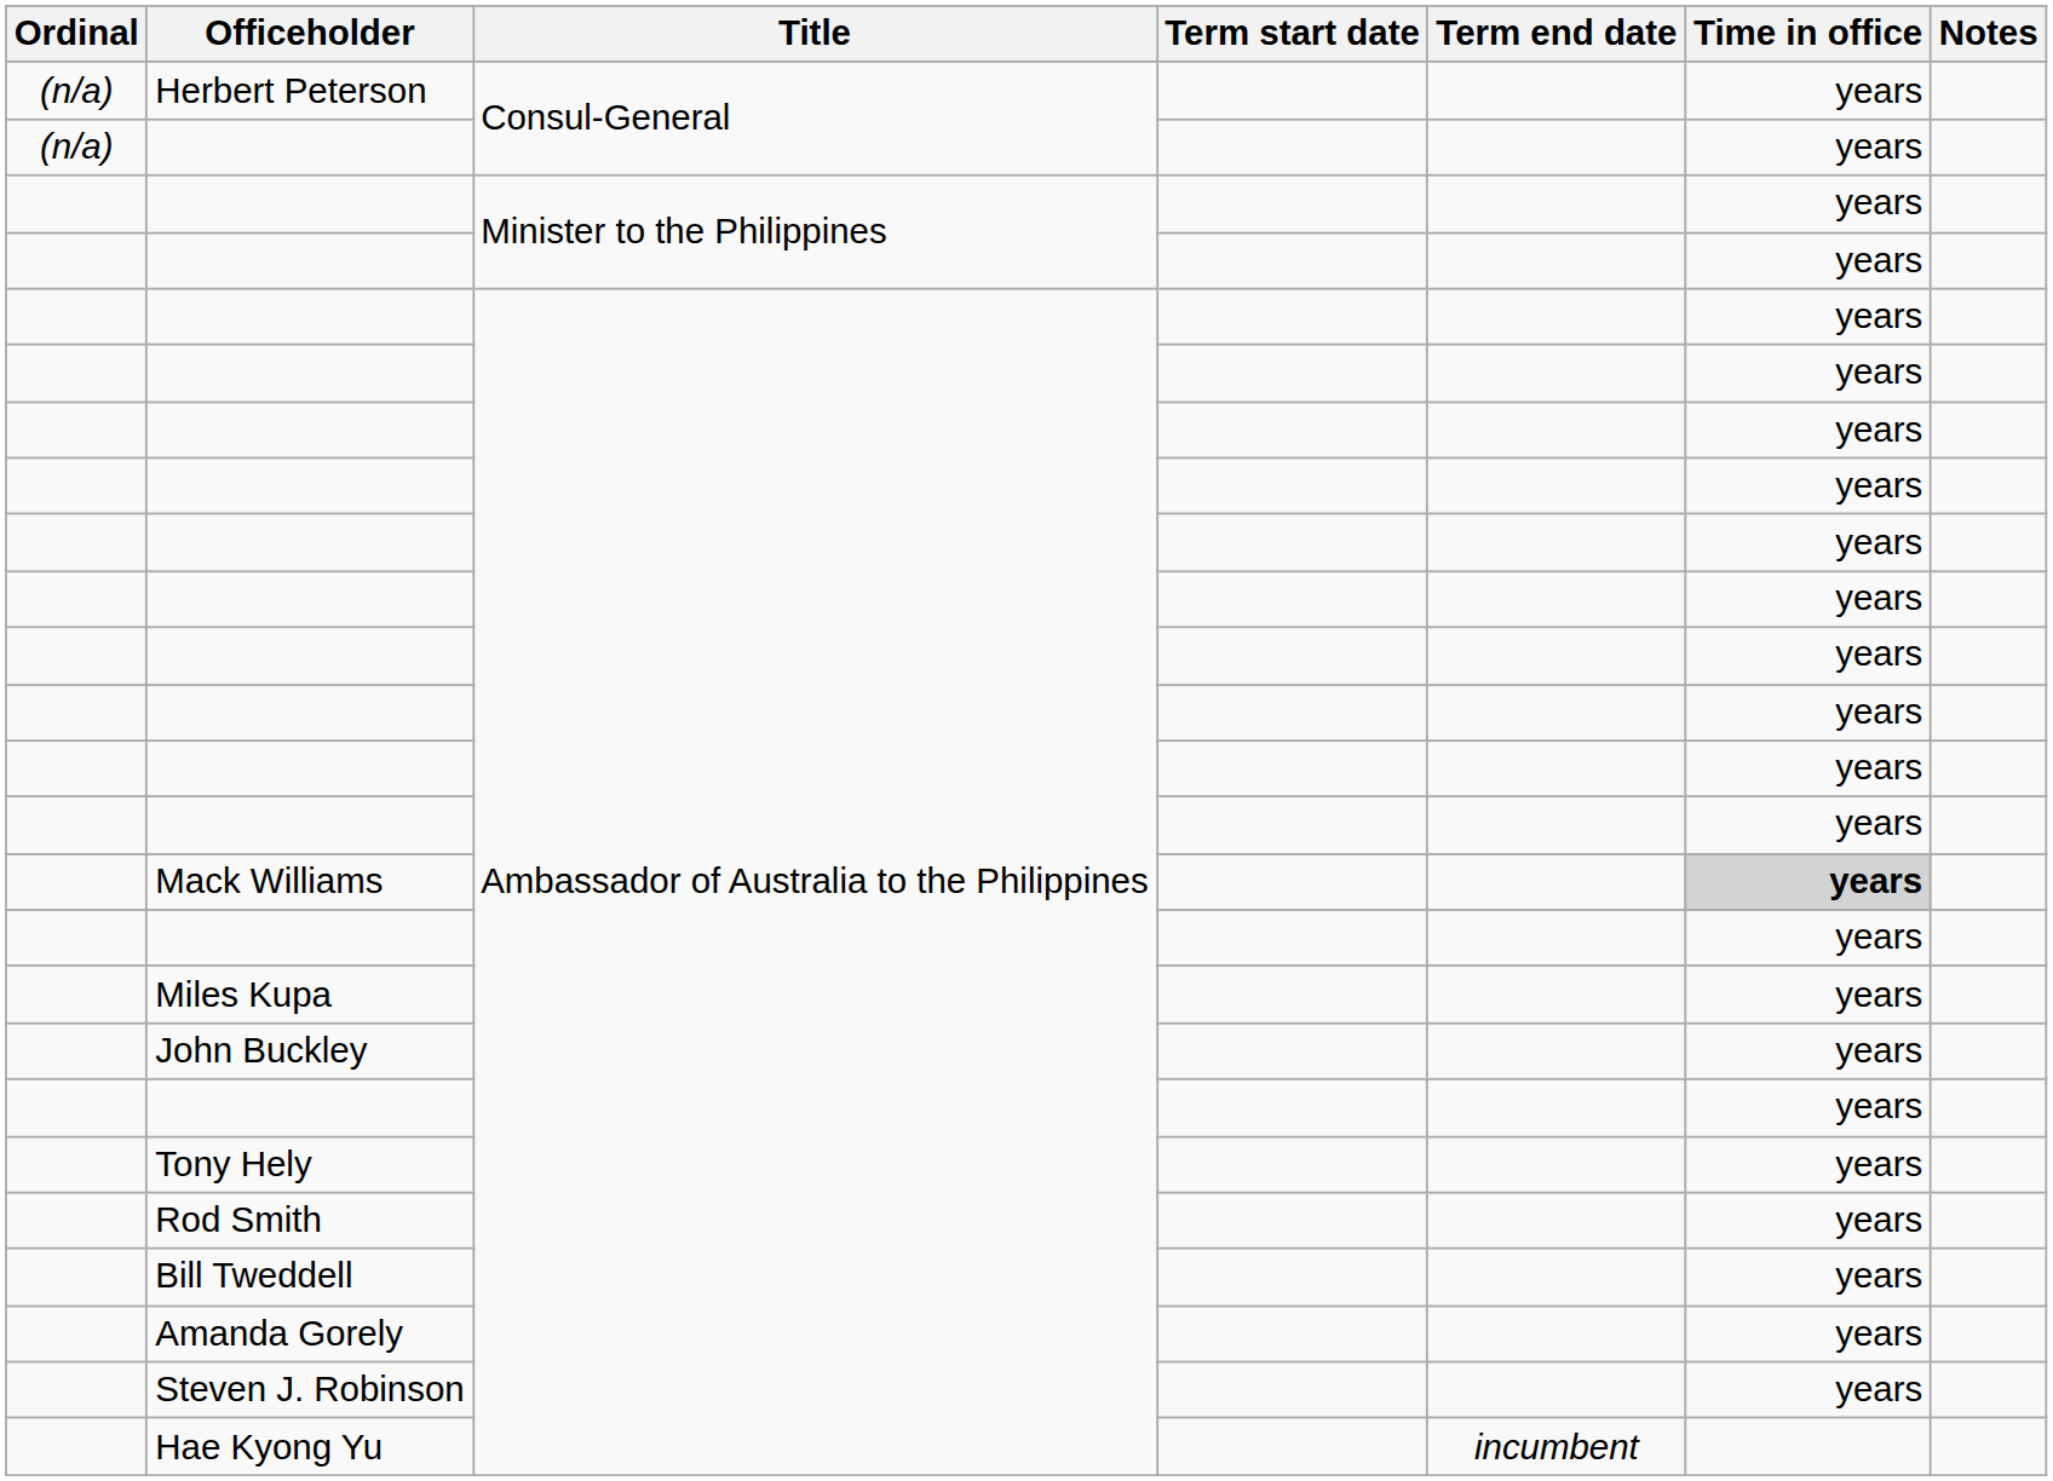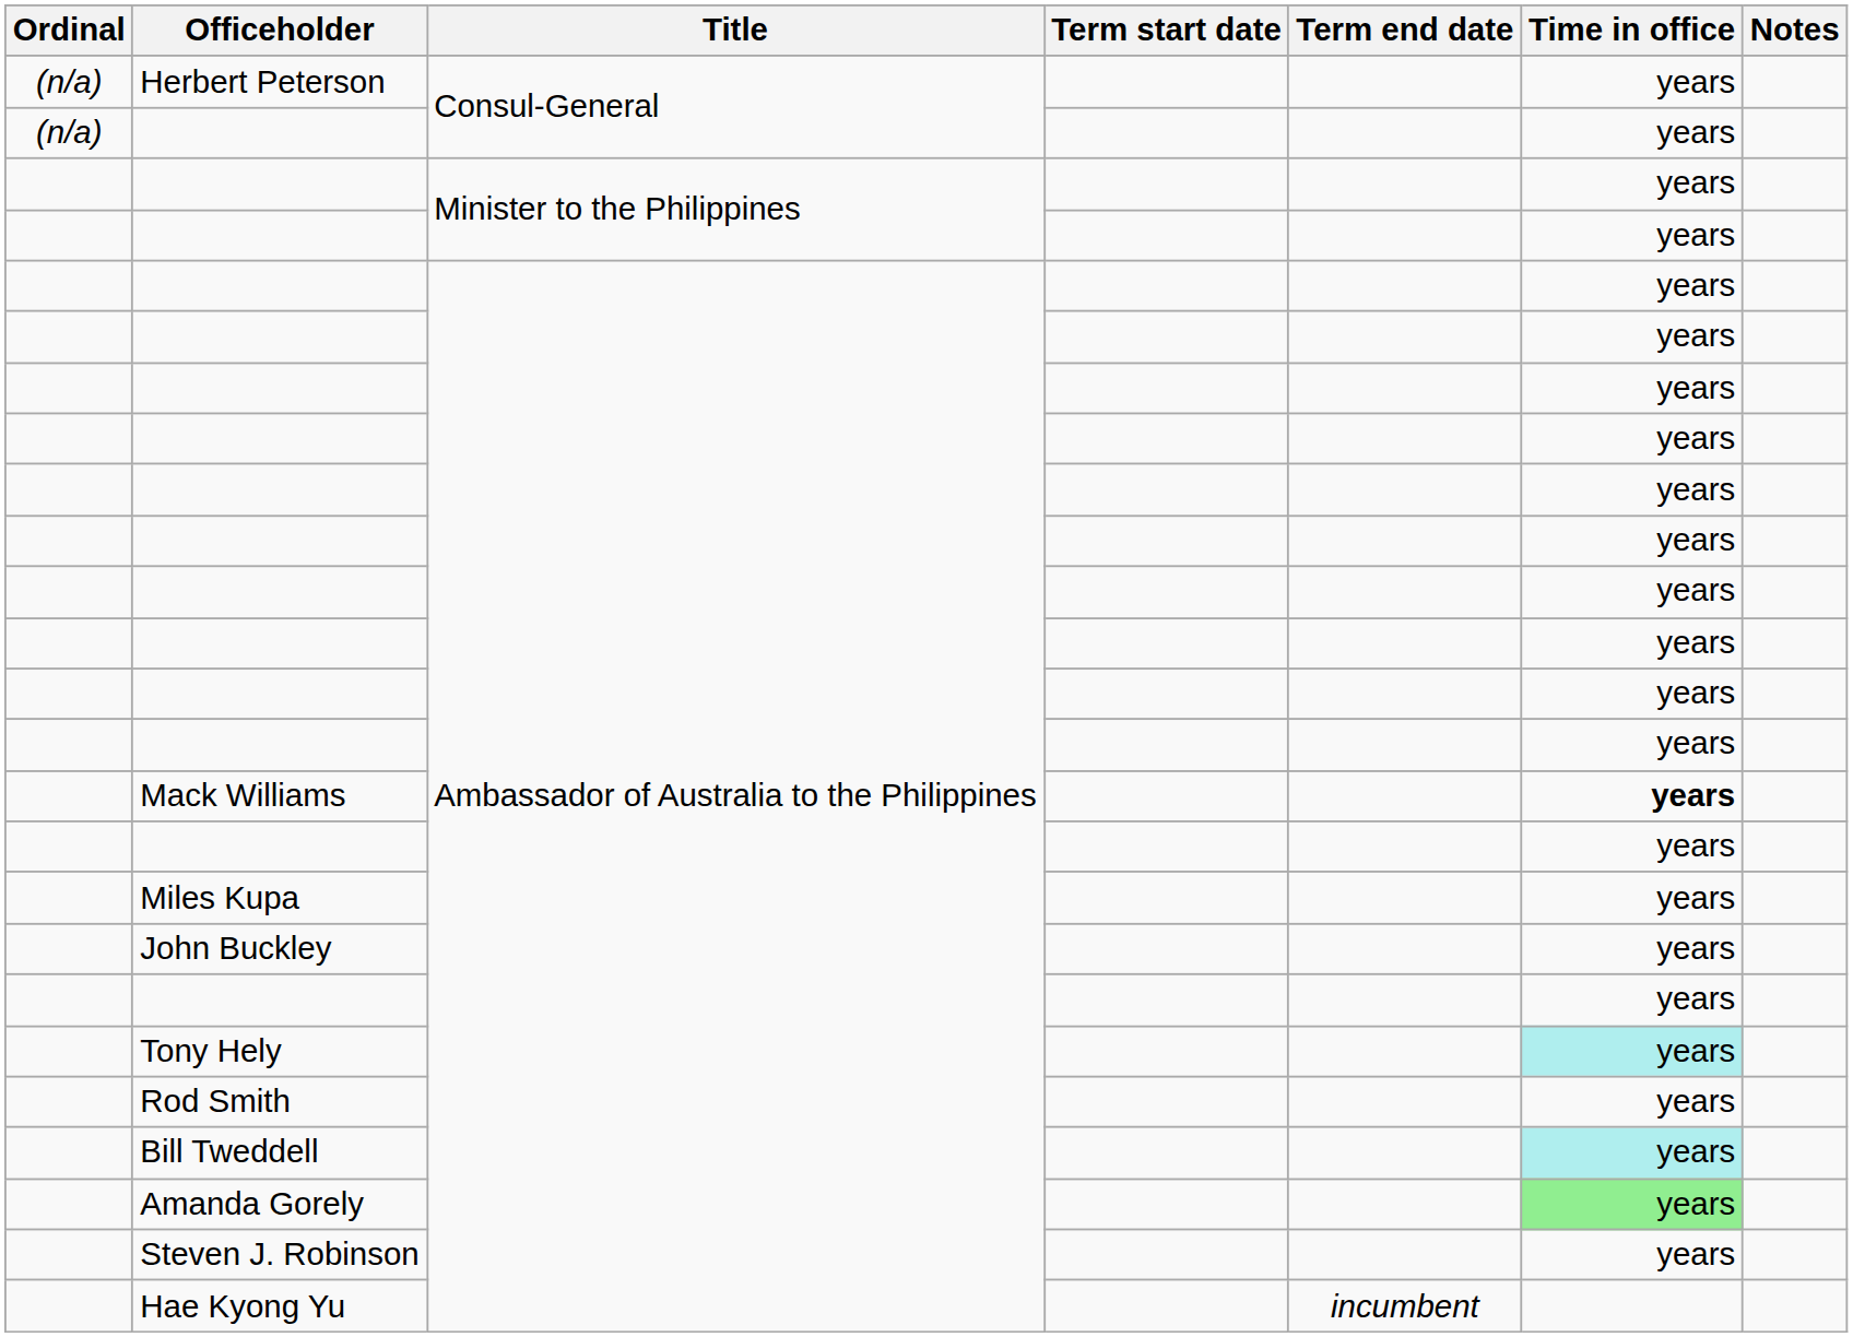 <table class='wikitable sortable'>
 <tr>
 <th>Ordinal</th>
 <th>Officeholder</th>
 <th>Title</th>
 <th>Term start date</th>
 <th>Term end date</th>
 <th>Time in office</th>
 <th>Notes</th>
 </tr>
 <tr>
 <td align=center><em>(n/a)</em></td>
 <td>Herbert Peterson</td>
 <td rowspan=2>Consul-General</td>
 <td align=center></td>
 <td align=center></td>
 <td align=right> years</td>
 <td></td>
 </tr>
 <tr>
 <td align=center><em>(n/a)</em></td>
 <td></td>
 <td align=center></td>
 <td align=center></td>
 <td align=right> years</td>
 <td></td>
 </tr>
 <tr>
 <td align=center></td>
 <td></td>
 <td rowspan=2>Minister to the Philippines</td>
 <td align=center></td>
 <td align=center></td>
 <td align=right> years</td>
 <td></td>
 </tr>
 <tr>
 <td align=center></td>
 <td></td>
 <td align=center></td>
 <td align=center></td>
 <td align=right> years</td>
 <td></td>
 </tr>
 <tr>
 <td align=center></td>
 <td></td>
 <td rowspan=21>Ambassador of Australia to the Philippines</td>
 <td align=center></td>
 <td align=center></td>
 <td align=right> years</td>
 <td></td>
 </tr>
 <tr>
 <td align=center></td>
 <td></td>
 <td align=center></td>
 <td align=center></td>
 <td align=right> years</td>
 <td></td>
 </tr>
 <tr>
 <td align=center></td>
 <td></td>
 <td align=center></td>
 <td align=center></td>
 <td align=right> years</td>
 <td></td>
 </tr>
 <tr>
 <td align=center></td>
 <td></td>
 <td align=center></td>
 <td align=center></td>
 <td align=right> years</td>
 <td></td>
 </tr>
 <tr>
 <td align=center></td>
 <td></td>
 <td align=center></td>
 <td align=center></td>
 <td align=right> years</td>
 <td></td>
 </tr>
 <tr>
 <td align=center></td>
 <td></td>
 <td align=center></td>
 <td align=center></td>
 <td align=right> years</td>
 <td></td>
 </tr>
 <tr>
 <td align=center></td>
 <td></td>
 <td align=center></td>
 <td align=center></td>
 <td align=right> years</td>
 <td></td>
 </tr>
 <tr>
 <td align=center></td>
 <td></td>
 <td align=center></td>
 <td align=center></td>
 <td align=right> years</td>
 <td></td>
 </tr>
 <tr>
 <td align=center></td>
 <td></td>
 <td align=center></td>
 <td align=center></td>
 <td align=right> years</td>
 <td></td>
 </tr>
 <tr>
 <td align=center></td>
 <td></td>
 <td align=center></td>
 <td align=center></td>
 <td align=right> years</td>
 <td></td>
 </tr>
 <tr>
 <td align=center></td>
 <td>Mack Williams</td>
 <td align=center></td>
 <td align=center></td>
-<td align=right style="background: lightgrey;"><strong> years</strong></td>
+<td align=right><strong> years</strong></td>
 <td></td>
 </tr>
 <tr>
 <td align=center></td>
 <td></td>
 <td align=center></td>
 <td align=center></td>
 <td align=right> years</td>
 <td></td>
 </tr>
 <tr>
 <td align=center></td>
 <td>Miles Kupa</td>
 <td align=center></td>
 <td align=center></td>
 <td align=right> years</td>
 <td></td>
 </tr>
 <tr>
 <td align=center></td>
 <td>John Buckley</td>
 <td align=center></td>
 <td align=center></td>
 <td align=right> years</td>
 <td></td>
 </tr>
 <tr>
 <td align=center></td>
 <td></td>
 <td align=center></td>
 <td align=center></td>
 <td align=right> years</td>
 <td></td>
 </tr>
 <tr>
 <td align=center></td>
 <td>Tony Hely</td>
 <td align=center></td>
 <td align=center></td>
-<td align=right> years</td>
+<td align=right style="background: paleturquoise;"> years</td>
 <td></td>
 </tr>
 <tr>
 <td align=center></td>
 <td>Rod Smith</td>
 <td align=center></td>
 <td align=center></td>
 <td align=right> years</td>
 <td></td>
 </tr>
 <tr>
 <td align=center></td>
 <td>Bill Tweddell</td>
 <td align=center></td>
 <td align=center></td>
-<td align=right> years</td>
+<td align=right style="background: paleturquoise;"> years</td>
 <td></td>
 </tr>
 <tr>
 <td align=center></td>
 <td>Amanda Gorely</td>
 <td align=center></td>
 <td align=center></td>
-<td align=right> years</td>
+<td align=right style="background: lightgreen;"> years</td>
 <td></td>
 </tr>
 <tr>
 <td align=center></td>
 <td>Steven J. Robinson</td>
 <td align=center></td>
 <td align=center></td>
 <td align=right> years</td>
 <td></td>
 </tr>
 <tr>
 <td align=center></td>
 <td>Hae Kyong Yu</td>
 <td align=center></td>
 <td align=center><em>incumbent</em></td>
 <td align=right></td>
 <td></td>
 </tr>
 </table>
